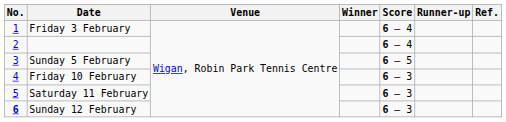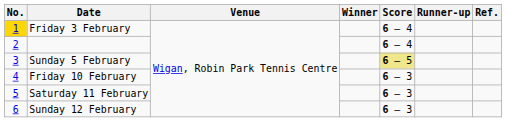 <table class="wikitable">
 <tr>
 <th>No.</th>
 <th>Date</th>
 <th>Venue</th>
 <th>Winner</th>
 <th>Score</th>
 <th>Runner-up</th>
 <th>Ref.</th>
 </tr>
 <tr>
-<td align=center><a href='#'>1</a></td>
+<td align=center style="background: gold;"><a href='#'>1</a></td>
 <td align=left>Friday 3 February</td>
 <td rowspan=6 align=center> <a href='#'>Wigan</a>, Robin Park Tennis Centre</td>
 <td align="right"></td>
 <td align="center"><strong>6</strong> – 4</td>
 <td></td>
 <td align="center"></td>
 </tr>
 <tr>
 <td align=center><a href='#'>2</a></td>
 <td align=left></td>
 <td align="right"></td>
 <td align="center"><strong>6</strong> – 4</td>
 <td></td>
 <td align="center"></td>
 </tr>
 <tr>
 <td align=center><a href='#'>3</a></td>
 <td align=left>Sunday 5 February</td>
 <td align="right"></td>
-<td align="center"><strong>6</strong> – 5</td>
+<td align="center" style="background: khaki;"><strong>6</strong> – 5</td>
 <td></td>
 <td align="center"></td>
 </tr>
 <tr>
 <td align=center><a href='#'>4</a></td>
 <td align=left>Friday 10 February</td>
 <td align="right"></td>
 <td align="center"><strong>6</strong> – 3</td>
 <td></td>
 <td align="center"></td>
 </tr>
 <tr>
 <td align=center><a href='#'>5</a></td>
 <td align=left>Saturday 11 February</td>
 <td align=right></td>
 <td align=center><strong>6</strong> – 3</td>
 <td></td>
 <td align="center"></td>
 </tr>
 <tr>
-<td align=center><strong><a href='#'>6</a></strong></td>
+<td align=center><a href='#'>6</a></td>
 <td align=left>Sunday 12 February</td>
 <td align="right"></td>
 <td align="center"><strong>6</strong> – 3</td>
 <td></td>
 <td align="center"></td>
 </tr>
 </table>
